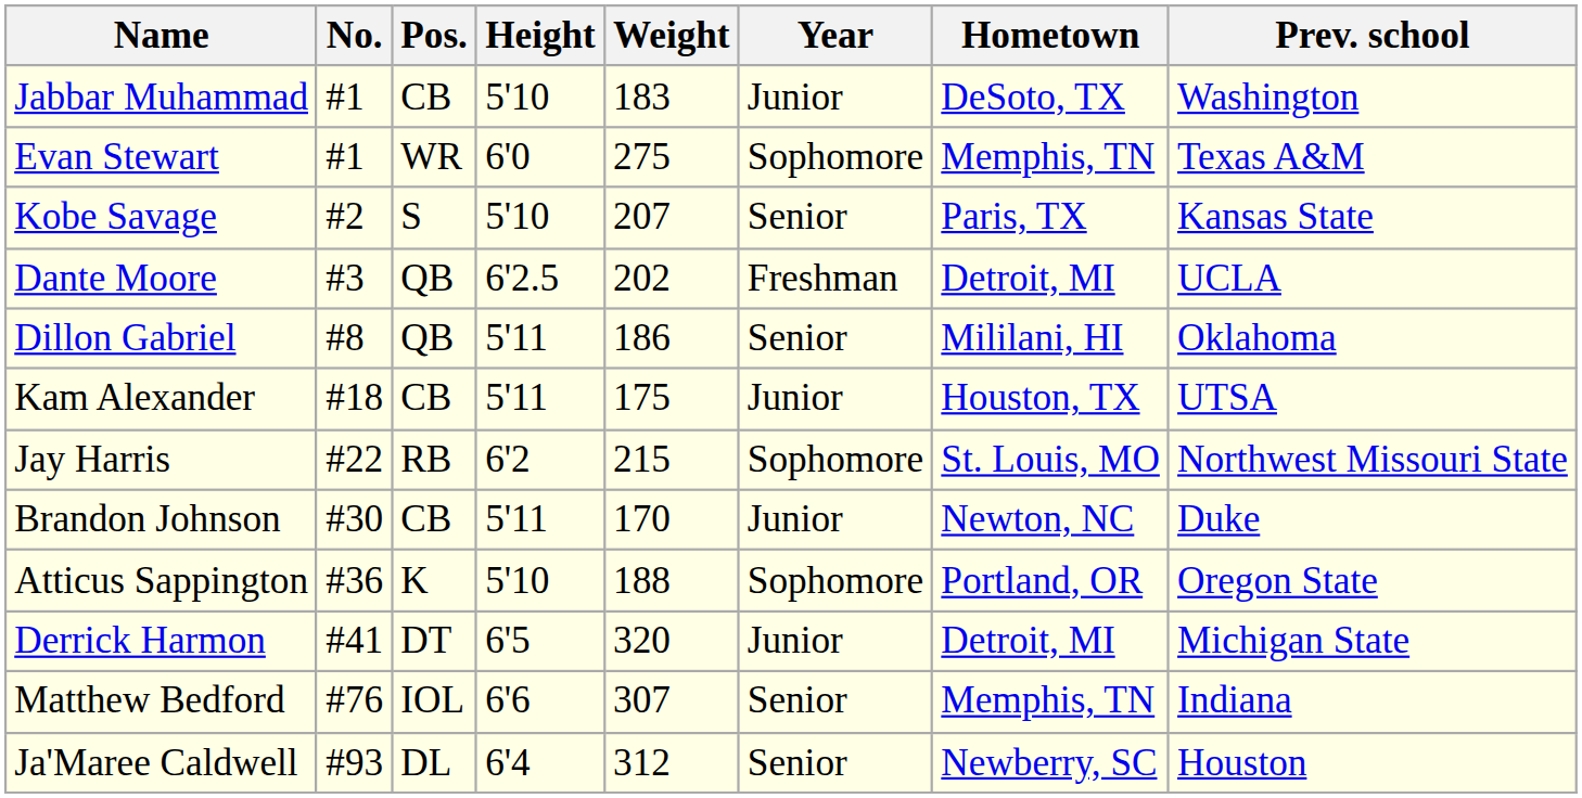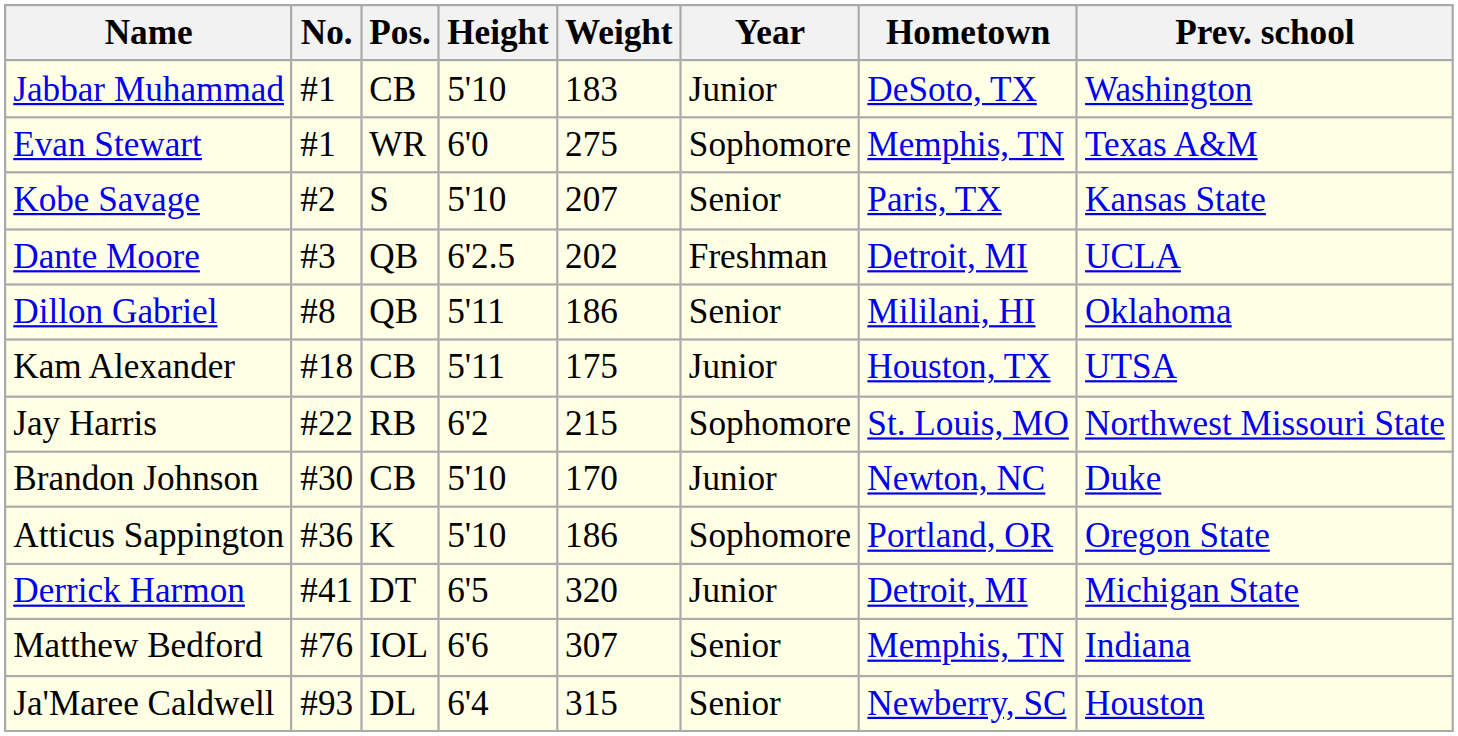 <table class="wikitable sortable mw-collapsible mw-collapsed">
 <tr>
 <th>Name</th>
 <th>No.</th>
 <th>Pos.</th>
 <th>Height</th>
 <th>Weight</th>
 <th>Year</th>
 <th>Hometown</th>
 <th class="unsortable">Prev. school</th>
 </tr>
 <tr style="background:#FFFFE6;">
 <td><a href='#'>Jabbar Muhammad</a></td>
 <td>#1</td>
 <td>CB</td>
 <td>5'10</td>
 <td>183</td>
 <td>Junior</td>
 <td><a href='#'>DeSoto, TX</a></td>
 <td><a href='#'>Washington</a></td>
 </tr>
 <tr style="background:#FFFFE6;">
 <td><a href='#'>Evan Stewart</a></td>
 <td>#1</td>
 <td>WR</td>
 <td>6'0</td>
 <td>275</td>
 <td>Sophomore</td>
 <td><a href='#'>Memphis, TN</a></td>
 <td><a href='#'>Texas A&M</a></td>
 </tr>
 <tr style="background:#FFFFE6;">
 <td><a href='#'>Kobe Savage</a></td>
 <td>#2</td>
 <td>S</td>
 <td>5'10</td>
 <td>207</td>
 <td>Senior</td>
 <td><a href='#'>Paris, TX</a></td>
 <td><a href='#'>Kansas State</a></td>
 </tr>
 <tr style="background:#FFFFE6;">
 <td><a href='#'>Dante Moore</a></td>
 <td>#3</td>
 <td>QB</td>
 <td>6'2.5</td>
 <td>202</td>
 <td>Freshman</td>
 <td><a href='#'>Detroit, MI</a></td>
 <td><a href='#'>UCLA</a></td>
 </tr>
 <tr style="background:#FFFFE6;">
 <td><a href='#'>Dillon Gabriel</a></td>
 <td>#8</td>
 <td>QB</td>
 <td>5'11</td>
 <td>186</td>
 <td> Senior</td>
 <td><a href='#'>Mililani, HI</a></td>
 <td><a href='#'>Oklahoma</a></td>
 </tr>
 <tr style="background:#FFFFE6;">
 <td>Kam Alexander</td>
 <td>#18</td>
 <td>CB</td>
 <td>5'11</td>
 <td>175</td>
 <td>Junior</td>
 <td><a href='#'>Houston, TX</a></td>
 <td><a href='#'>UTSA</a></td>
 </tr>
 <tr style="background:#FFFFE6;">
 <td>Jay Harris</td>
 <td>#22</td>
 <td>RB</td>
 <td>6'2</td>
 <td>215</td>
 <td>Sophomore</td>
 <td><a href='#'>St. Louis, MO</a></td>
 <td><a href='#'>Northwest Missouri State</a></td>
 </tr>
 <tr style="background:#FFFFE6;">
 <td>Brandon Johnson</td>
 <td>#30</td>
 <td>CB</td>
-<td>5'11</td>
+<td>5'10</td>
 <td>170</td>
 <td>Junior</td>
 <td><a href='#'>Newton, NC</a></td>
 <td><a href='#'>Duke</a></td>
 </tr>
 <tr style="background:#FFFFE6;">
 <td>Atticus Sappington</td>
 <td>#36</td>
 <td>K</td>
 <td>5'10</td>
-<td>188</td>
+<td>186</td>
 <td> Sophomore</td>
 <td><a href='#'>Portland, OR</a></td>
 <td><a href='#'>Oregon State</a></td>
 </tr>
 <tr style="background:#FFFFE6;">
 <td><a href='#'>Derrick Harmon</a></td>
 <td>#41</td>
 <td>DT</td>
 <td>6'5</td>
 <td>320</td>
 <td> Junior</td>
 <td><a href='#'>Detroit, MI</a></td>
 <td><a href='#'>Michigan State</a></td>
 </tr>
 <tr style="background:#FFFFE6;">
 <td>Matthew Bedford</td>
 <td>#76</td>
 <td>IOL</td>
 <td>6'6</td>
 <td>307</td>
 <td> Senior</td>
 <td><a href='#'>Memphis, TN</a></td>
 <td><a href='#'>Indiana</a></td>
 </tr>
 <tr style="background:#FFFFE6;">
 <td>Ja'Maree Caldwell</td>
 <td>#93</td>
 <td>DL</td>
 <td>6'4</td>
-<td>312</td>
+<td>315</td>
 <td>Senior</td>
 <td><a href='#'>Newberry, SC</a></td>
 <td><a href='#'>Houston</a></td>
 </tr>
 <tr style="background:#FFFFE6;">
 </tr>
 </table>
